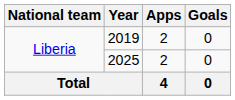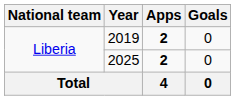 <table class=wikitable style=text-align:center>
 <tr>
 <th>National team</th>
 <th>Year</th>
 <th>Apps</th>
 <th>Goals</th>
 </tr>
 <tr>
 <td rowspan="2"><a href='#'>Liberia</a></td>
 <td>2019</td>
-<td>2</td>
+<td><strong>2</strong></td>
 <td>0</td>
 </tr>
 <tr>
 <td>2025</td>
-<td>2</td>
+<td><strong>2</strong></td>
 <td>0</td>
 </tr>
 <tr>
 <th colspan="2">Total</th>
 <th>4</th>
 <th>0</th>
 </tr>
 </table>
